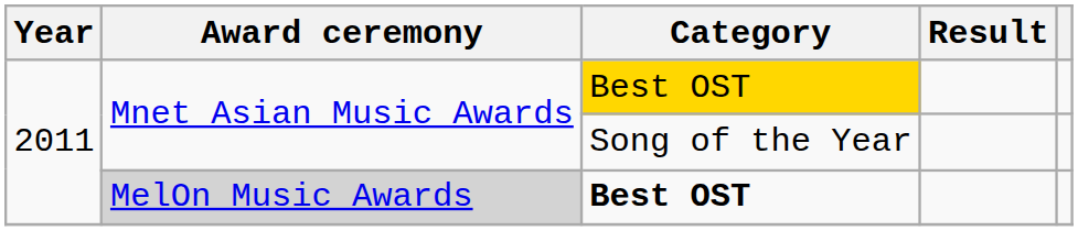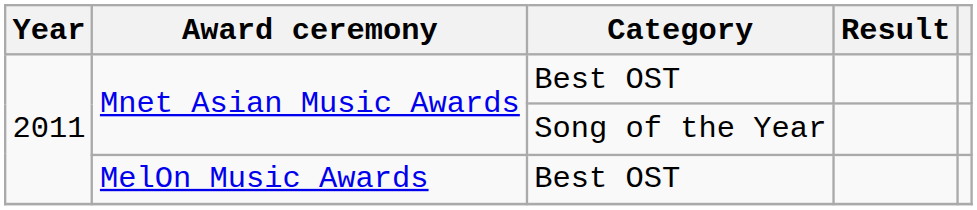 <table class="wikitable">
 <tr>
 <th scope="col">Year</th>
 <th scope="col">Award ceremony</th>
 <th scope="col">Category</th>
 <th scope="col">Result</th>
 <th scope="col" class="unsortable"></th>
 </tr>
 <tr>
 <td rowspan="3">2011</td>
 <td rowspan="2"><a href='#'>Mnet Asian Music Awards</a></td>
-<td style="background: gold;">Best OST</td>
+<td>Best OST</td>
 <td></td>
 <td></td>
 </tr>
 <tr>
 <td>Song of the Year</td>
 <td></td>
 <td></td>
 </tr>
 <tr>
-<td style="background: lightgrey;"><a href='#'>MelOn Music Awards</a></td>
-<td><strong>Best OST</strong></td>
+<td><a href='#'>MelOn Music Awards</a></td>
+<td>Best OST</td>
 <td></td>
 <td></td>
 </tr>
 <tr>
 </tr>
 </table>
